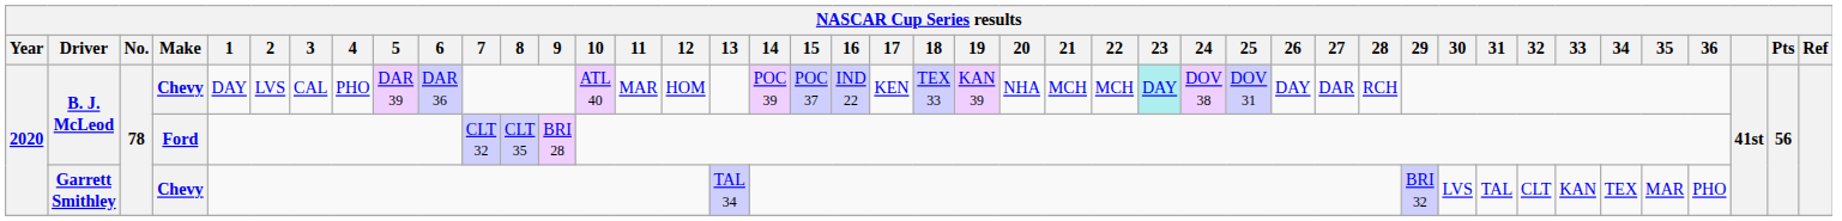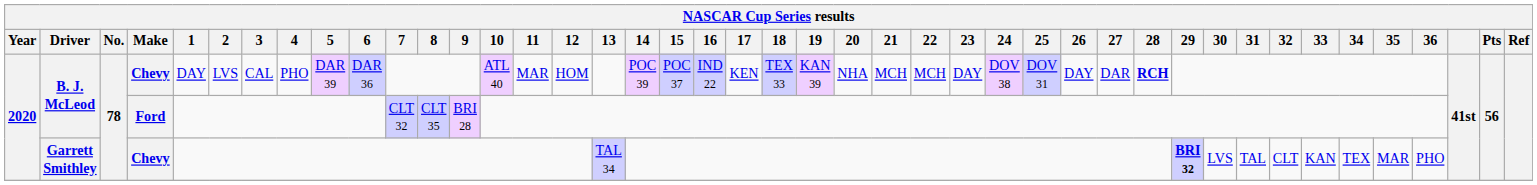 <table class="wikitable" style="text-align:center; font-size:75%">
 <tr>
 <th colspan="45"><a href='#'>NASCAR Cup Series</a> results</th>
 </tr>
 <tr>
 <th>Year</th>
 <th>Driver</th>
 <th>No.</th>
 <th>Make</th>
 <th>1</th>
 <th>2</th>
 <th>3</th>
 <th>4</th>
 <th>5</th>
 <th>6</th>
 <th>7</th>
 <th>8</th>
 <th>9</th>
 <th>10</th>
 <th>11</th>
 <th>12</th>
 <th>13</th>
 <th>14</th>
 <th>15</th>
 <th>16</th>
 <th>17</th>
 <th>18</th>
 <th>19</th>
 <th>20</th>
 <th>21</th>
 <th>22</th>
 <th>23</th>
 <th>24</th>
 <th>25</th>
 <th>26</th>
 <th>27</th>
 <th>28</th>
 <th>29</th>
 <th>30</th>
 <th>31</th>
 <th>32</th>
 <th>33</th>
 <th>34</th>
 <th>35</th>
 <th>36</th>
 <th></th>
 <th>Pts</th>
 <th>Ref</th>
 </tr>
 <tr>
 <th rowspan=3><a href='#'>2020</a></th>
 <th rowspan=2><a href='#'>B. J. McLeod</a></th>
 <th rowspan=3>78</th>
 <th><a href='#'>Chevy</a></th>
 <td><a href='#'>DAY</a></td>
 <td><a href='#'>LVS</a></td>
 <td><a href='#'>CAL</a></td>
 <td><a href='#'>PHO</a></td>
 <td style="background:#EFCFFF;"><a href='#'>DAR</a><br><small>39</small></td>
 <td style="background:#CFCFFF;"><a href='#'>DAR</a><br><small>36</small></td>
 <td colspan=3></td>
 <td style="background:#EFCFFF;"><a href='#'>ATL</a><br><small>40</small></td>
 <td><a href='#'>MAR</a></td>
 <td><a href='#'>HOM</a></td>
 <td colspan=1></td>
 <td style="background:#EFCFFF;"><a href='#'>POC</a><br><small>39</small></td>
 <td style="background:#CFCFFF;"><a href='#'>POC</a><br><small>37</small></td>
 <td style="background:#CFCFFF;"><a href='#'>IND</a><br><small>22</small></td>
 <td><a href='#'>KEN</a></td>
 <td style="background:#CFCFFF;"><a href='#'>TEX</a><br><small>33</small></td>
 <td style="background:#EFCFFF;"><a href='#'>KAN</a><br><small>39</small></td>
 <td><a href='#'>NHA</a></td>
 <td><a href='#'>MCH</a></td>
 <td><a href='#'>MCH</a></td>
-<td style="background: paleturquoise;"><a href='#'>DAY</a></td>
+<td><a href='#'>DAY</a></td>
 <td style="background:#EFCFFF;"><a href='#'>DOV</a><br><small>38</small></td>
 <td style="background:#CFCFFF;"><a href='#'>DOV</a><br><small>31</small></td>
 <td><a href='#'>DAY</a></td>
 <td><a href='#'>DAR</a></td>
-<td><a href='#'>RCH</a></td>
+<td><strong><a href='#'>RCH</a></strong></td>
 <td colspan=8></td>
 <th rowspan=3>41st</th>
 <th rowspan=3>56</th>
 <th rowspan=3></th>
 </tr>
 <tr>
 <th><a href='#'>Ford</a></th>
 <td colspan=6></td>
 <td style="background:#CFCFFF;"><a href='#'>CLT</a><br><small>32</small></td>
 <td style="background:#CFCFFF;"><a href='#'>CLT</a><br><small>35</small></td>
 <td style="background:#EFCFFF;"><a href='#'>BRI</a><br><small>28</small></td>
 <td colspan=27></td>
 </tr>
 <tr>
 <th><a href='#'>Garrett Smithley</a></th>
 <th><a href='#'>Chevy</a></th>
 <td colspan=12></td>
 <td style="background:#CFCFFF;"><a href='#'>TAL</a><br><small>34</small></td>
 <td colspan=15></td>
-<td style="background:#CFCFFF;"><a href='#'>BRI</a><br><small>32</small></td>
+<td style="background:#CFCFFF;"><strong><a href='#'>BRI</a><br><small>32</small></strong></td>
 <td><a href='#'>LVS</a></td>
 <td><a href='#'>TAL</a></td>
 <td><a href='#'>CLT</a></td>
 <td><a href='#'>KAN</a></td>
 <td><a href='#'>TEX</a></td>
 <td><a href='#'>MAR</a></td>
 <td><a href='#'>PHO</a></td>
 </tr>
 <tr>
 </tr>
 </table>
